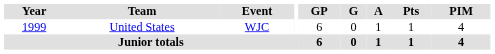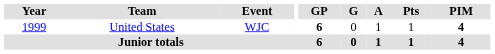 <table border="0" cellpadding="1" cellspacing="0" ID="Table3" style="text-align:center; width:40em">
 <tr bgcolor="#e0e0e0">
 <th>Year</th>
 <th>Team</th>
 <th>Event</th>
 <th rowspan="102" bgcolor="#ffffff"></th>
 <th>GP</th>
 <th>G</th>
 <th>A</th>
 <th>Pts</th>
 <th>PIM</th>
 </tr>
 <tr>
 <td><a href='#'>1999</a></td>
 <td><a href='#'>United States</a></td>
 <td><a href='#'>WJC</a></td>
-<td>6</td>
+<td><strong>6</strong></td>
 <td>0</td>
 <td>1</td>
 <td>1</td>
-<td>4</td>
+<td><strong>4</strong></td>
 </tr>
 <tr bgcolor="#e0e0e0">
 <th colspan="4">Junior totals</th>
 <th>6</th>
 <th>0</th>
 <th>1</th>
 <th>1</th>
 <th>4</th>
 </tr>
 </table>
